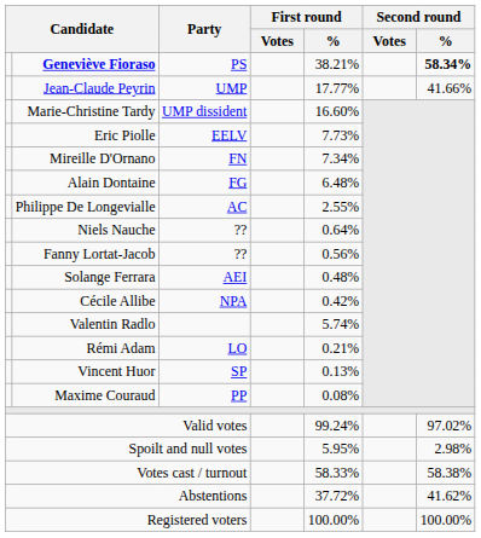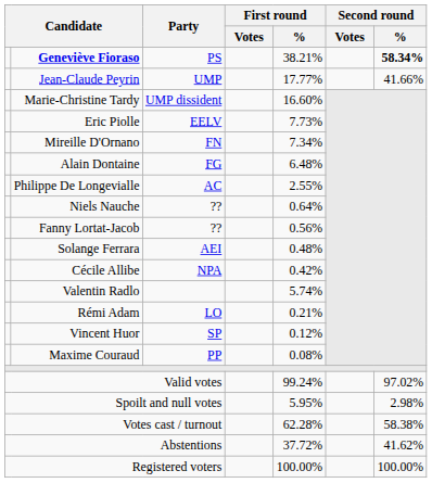 <table class="wikitable" style="text-align:right;font-size:95%;">
 <tr>
 <th rowspan=2 colspan=2>Candidate</th>
 <th rowspan=2 colspan=1>Party</th>
 <th colspan=2>First round</th>
 <th colspan=2>Second round</th>
 </tr>
 <tr>
 <th style="width:50px;">Votes</th>
 <th style="width:55px;">%</th>
 <th style="width:50px;">Votes</th>
 <th style="width:55px;">%</th>
 </tr>
 <tr>
 <td style="color:inherit;background-color:"></td>
 <td><strong><a href='#'>Geneviève Fioraso</a></strong></td>
 <td><a href='#'>PS</a></td>
 <td></td>
 <td>38.21%</td>
 <td><strong></strong></td>
 <td><strong>58.34%</strong></td>
 </tr>
 <tr>
 <td style="color:inherit;background-color:"></td>
 <td><a href='#'>Jean-Claude Peyrin</a></td>
 <td><a href='#'>UMP</a></td>
 <td></td>
 <td>17.77%</td>
 <td></td>
 <td>41.66%</td>
 </tr>
 <tr>
 <td style="color:inherit;background-color:"></td>
 <td>Marie-Christine Tardy</td>
 <td><a href='#'>UMP dissident</a></td>
 <td></td>
 <td>16.60%</td>
 <td colspan=7 rowspan=13 style="background-color:#E9E9E9;"></td>
 </tr>
 <tr>
 <td style="color:inherit;background-color:"></td>
 <td>Eric Piolle</td>
 <td><a href='#'>EELV</a></td>
 <td></td>
 <td>7.73%</td>
 </tr>
 <tr>
 <td style="color:inherit;background-color:"></td>
 <td>Mireille D'Ornano</td>
 <td><a href='#'>FN</a></td>
 <td></td>
 <td>7.34%</td>
 </tr>
 <tr>
 <td style="color:inherit;background-color:"></td>
 <td>Alain Dontaine</td>
 <td><a href='#'>FG</a></td>
 <td></td>
 <td>6.48%</td>
 </tr>
 <tr>
 <td style="color:inherit;background-color:"></td>
 <td>Philippe De Longevialle</td>
 <td><a href='#'>AC</a></td>
 <td></td>
 <td>2.55%</td>
 </tr>
 <tr>
 <td style="background-color:;"></td>
 <td>Niels Nauche</td>
 <td>??</td>
 <td></td>
 <td>0.64%</td>
 </tr>
 <tr>
 <td style="color:inherit;background-color:"></td>
 <td>Fanny Lortat-Jacob</td>
 <td>??</td>
 <td></td>
 <td>0.56%</td>
 </tr>
 <tr>
 <td style="color:inherit;background-color:"></td>
 <td>Solange Ferrara</td>
 <td><a href='#'>AEI</a></td>
 <td></td>
 <td>0.48%</td>
 </tr>
 <tr>
 <td style="color:inherit;background-color:"></td>
 <td>Cécile Allibe</td>
 <td><a href='#'>NPA</a></td>
 <td></td>
 <td>0.42%</td>
 </tr>
 <tr>
 <td style="color:inherit;background-color:"></td>
 <td>Valentin Radlo</td>
 <td></td>
 <td></td>
 <td>5.74%</td>
 </tr>
 <tr>
 <td style="color:inherit;background-color:"></td>
 <td>Rémi Adam</td>
 <td><a href='#'>LO</a></td>
 <td></td>
 <td>0.21%</td>
 </tr>
 <tr>
 <td style="color:inherit;background-color:"></td>
 <td>Vincent Huor</td>
 <td><a href='#'>SP</a></td>
 <td></td>
-<td>0.13%</td>
+<td>0.12%</td>
 </tr>
 <tr>
 <td style="color:inherit;background-color:"></td>
 <td>Maxime Couraud</td>
 <td><a href='#'>PP</a></td>
 <td></td>
 <td>0.08%</td>
 </tr>
 <tr>
 <td colspan=7 style="background-color:#E9E9E9;"></td>
 </tr>
 <tr>
 <td colspan=3>Valid votes</td>
 <td></td>
 <td>99.24%</td>
 <td></td>
 <td>97.02%</td>
 </tr>
 <tr>
 <td colspan=3>Spoilt and null votes</td>
 <td></td>
 <td>5.95%</td>
 <td></td>
 <td>2.98%</td>
 </tr>
 <tr>
 <td colspan=3>Votes cast / turnout</td>
 <td></td>
-<td>58.33%</td>
+<td>62.28%</td>
 <td></td>
 <td>58.38%</td>
 </tr>
 <tr>
 <td colspan=3>Abstentions</td>
 <td></td>
 <td>37.72%</td>
 <td></td>
 <td>41.62%</td>
 </tr>
 <tr>
 <td colspan=3>Registered voters</td>
 <td></td>
 <td>100.00%</td>
 <td></td>
 <td>100.00%</td>
 </tr>
 </table>
